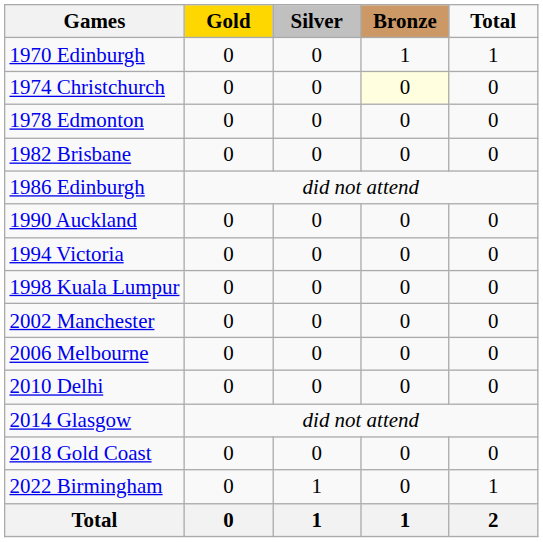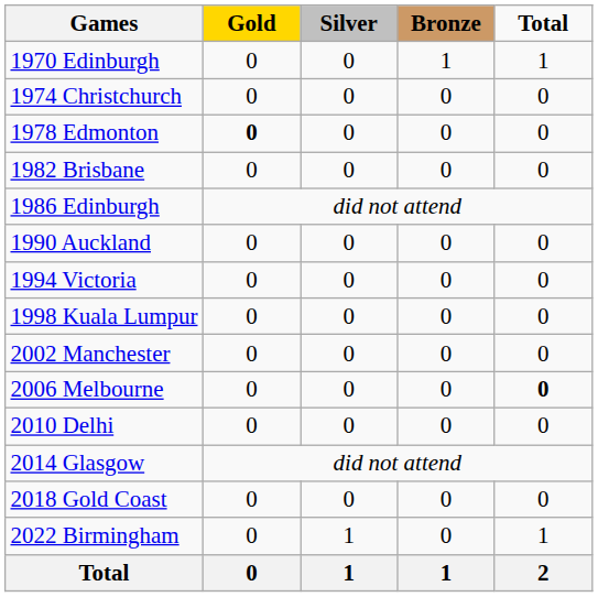 <table class="wikitable" style="text-align:center">
 <tr>
 <th>Games</th>
 <td width=60 bgcolor=gold><strong>Gold</strong></td>
 <td width=60 bgcolor=silver><strong>Silver</strong></td>
 <td width=60 bgcolor=cc9966><strong>Bronze</strong></td>
 <td width=60><strong>Total</strong></td>
 </tr>
 <tr>
 <td align=left><a href='#'>1970 Edinburgh</a></td>
 <td>0</td>
 <td>0</td>
 <td>1</td>
 <td>1</td>
 </tr>
 <tr>
 <td align=left><a href='#'>1974 Christchurch</a></td>
 <td>0</td>
 <td>0</td>
-<td style="background: lightyellow;">0</td>
+<td>0</td>
 <td>0</td>
 </tr>
 <tr>
 <td align=left><a href='#'>1978 Edmonton</a></td>
-<td>0</td>
+<td><strong>0</strong></td>
 <td>0</td>
 <td>0</td>
 <td>0</td>
 </tr>
 <tr>
 <td align=left><a href='#'>1982 Brisbane</a></td>
 <td>0</td>
 <td>0</td>
 <td>0</td>
 <td>0</td>
 </tr>
 <tr>
 <td align=left><a href='#'>1986 Edinburgh</a></td>
 <td colspan=4><em>did not attend</em></td>
 </tr>
 <tr>
 <td align=left><a href='#'>1990 Auckland</a></td>
 <td>0</td>
 <td>0</td>
 <td>0</td>
 <td>0</td>
 </tr>
 <tr>
 <td align=left><a href='#'>1994 Victoria</a></td>
 <td>0</td>
 <td>0</td>
 <td>0</td>
 <td>0</td>
 </tr>
 <tr>
 <td align=left><a href='#'>1998 Kuala Lumpur</a></td>
 <td>0</td>
 <td>0</td>
 <td>0</td>
 <td>0</td>
 </tr>
 <tr>
 <td align=left><a href='#'>2002 Manchester</a></td>
 <td>0</td>
 <td>0</td>
 <td>0</td>
 <td>0</td>
 </tr>
 <tr>
 <td align=left><a href='#'>2006 Melbourne</a></td>
 <td>0</td>
 <td>0</td>
 <td>0</td>
-<td>0</td>
+<td><strong>0</strong></td>
 </tr>
 <tr>
 <td align=left><a href='#'>2010 Delhi</a></td>
 <td>0</td>
 <td>0</td>
 <td>0</td>
 <td>0</td>
 </tr>
 <tr>
 <td align=left><a href='#'>2014 Glasgow</a></td>
 <td colspan=4><em>did not attend</em></td>
 </tr>
 <tr>
 <td align=left><a href='#'>2018 Gold Coast</a></td>
 <td>0</td>
 <td>0</td>
 <td>0</td>
 <td>0</td>
 </tr>
 <tr>
 <td align=left><a href='#'>2022 Birmingham</a></td>
 <td>0</td>
 <td>1</td>
 <td>0</td>
 <td>1</td>
 </tr>
 <tr>
 <th>Total</th>
 <th>0</th>
 <th>1</th>
 <th>1</th>
 <th>2</th>
 </tr>
 </table>
